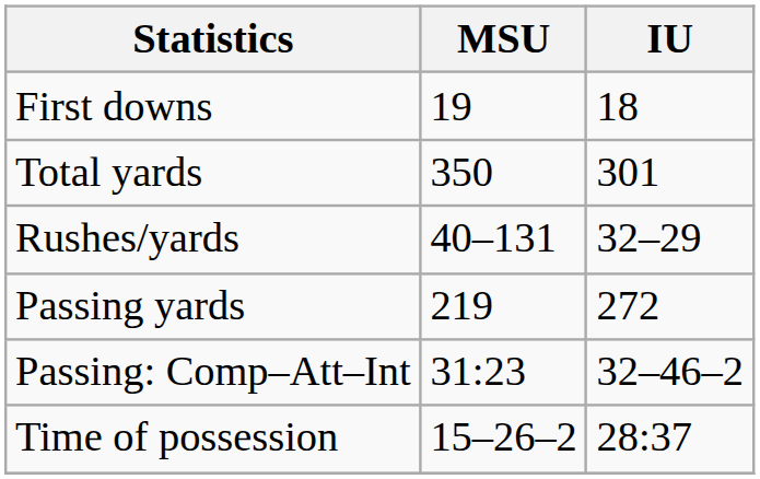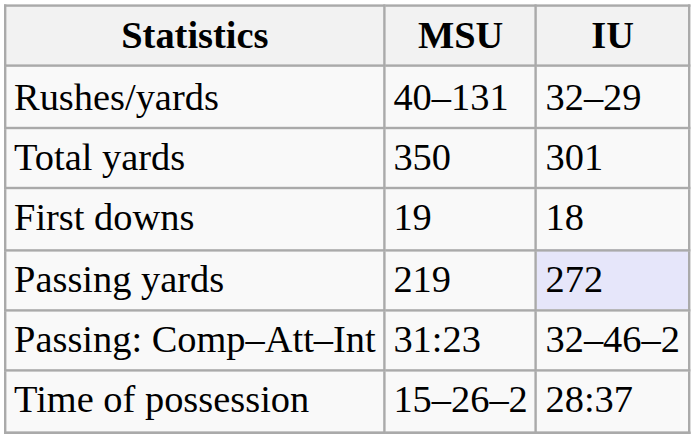 <table class="wikitable" style="float: left;">
 <tr>
 <th>Statistics</th>
 <th>MSU</th>
 <th>IU</th>
 </tr>
 <tr>
-<td>First downs</td>
-<td>19</td>
-<td>18</td>
+<td>Rushes/yards</td>
+<td>40–131</td>
+<td>32–29</td>
 </tr>
 <tr>
 <td>Total yards</td>
 <td>350</td>
 <td>301</td>
 </tr>
 <tr>
-<td>Rushes/yards</td>
-<td>40–131</td>
-<td>32–29</td>
+<td>First downs</td>
+<td>19</td>
+<td>18</td>
 </tr>
 <tr>
 <td>Passing yards</td>
 <td>219</td>
-<td>272</td>
+<td style="background: lavender;">272</td>
 </tr>
 <tr>
 <td>Passing: Comp–Att–Int</td>
 <td>31:23</td>
 <td>32–46–2</td>
 </tr>
 <tr>
 <td>Time of possession</td>
 <td>15–26–2</td>
 <td>28:37</td>
 </tr>
 <tr>
 </tr>
 </table>
